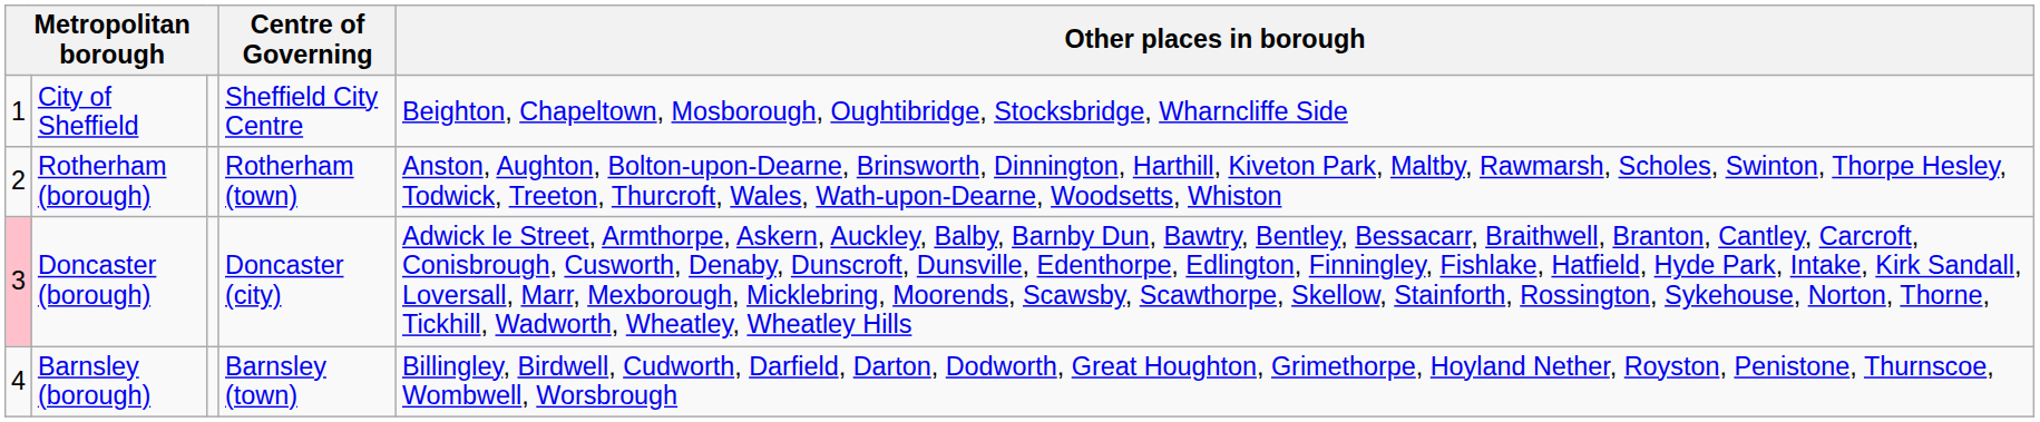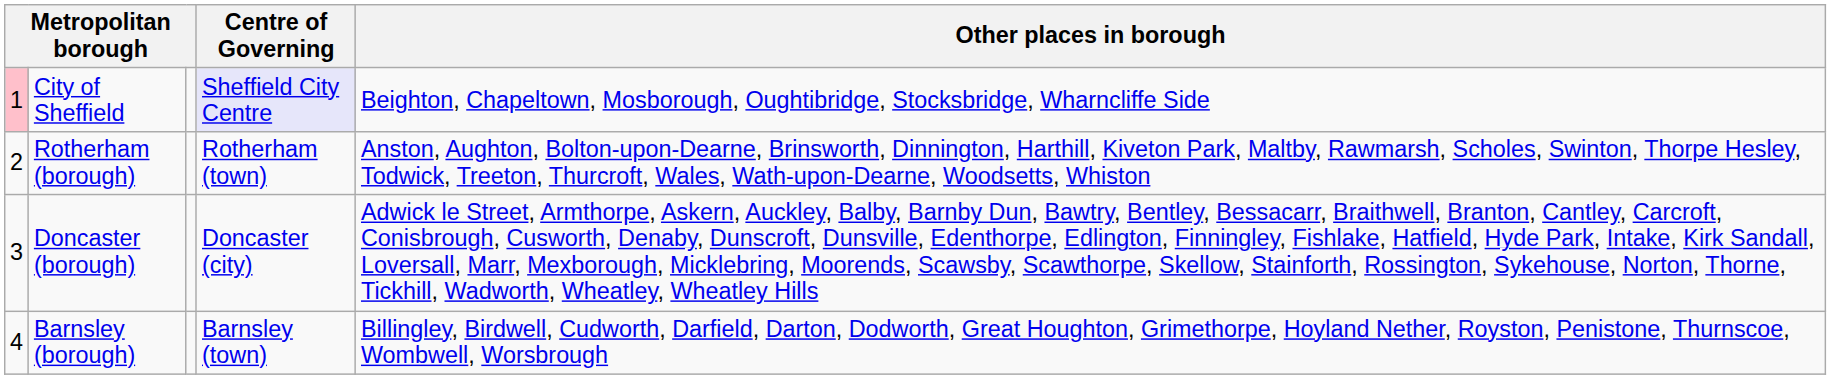 <table class="wikitable">
 <tr>
 <th colspan="3">Metropolitan borough</th>
 <th>Centre of Governing</th>
 <th>Other places in borough</th>
 </tr>
 <tr>
-<td>1</td>
+<td style="background: pink;">1</td>
 <td><a href='#'>City of Sheffield</a></td>
 <td></td>
-<td><a href='#'>Sheffield City Centre</a></td>
+<td style="background: lavender;"><a href='#'>Sheffield City Centre</a></td>
 <td><a href='#'>Beighton</a>, <a href='#'>Chapeltown</a>, <a href='#'>Mosborough</a>, <a href='#'>Oughtibridge</a>, <a href='#'>Stocksbridge</a>, <a href='#'>Wharncliffe Side</a></td>
 </tr>
 <tr>
 <td>2</td>
 <td><a href='#'>Rotherham (borough)</a></td>
 <td></td>
 <td><a href='#'>Rotherham (town)</a></td>
 <td><a href='#'>Anston</a>, <a href='#'>Aughton</a>, <a href='#'>Bolton-upon-Dearne</a>, <a href='#'>Brinsworth</a>, <a href='#'>Dinnington</a>, <a href='#'>Harthill</a>, <a href='#'>Kiveton Park</a>, <a href='#'>Maltby</a>, <a href='#'>Rawmarsh</a>, <a href='#'>Scholes</a>, <a href='#'>Swinton</a>, <a href='#'>Thorpe Hesley</a>, <a href='#'>Todwick</a>, <a href='#'>Treeton</a>, <a href='#'>Thurcroft</a>, <a href='#'>Wales</a>, <a href='#'>Wath-upon-Dearne</a>, <a href='#'>Woodsetts</a>, <a href='#'>Whiston</a></td>
 </tr>
 <tr>
-<td style="background: pink;">3</td>
+<td>3</td>
 <td><a href='#'>Doncaster (borough)</a></td>
 <td></td>
 <td><a href='#'>Doncaster (city)</a></td>
 <td><a href='#'>Adwick le Street</a>, <a href='#'>Armthorpe</a>, <a href='#'>Askern</a>, <a href='#'>Auckley</a>, <a href='#'>Balby</a>, <a href='#'>Barnby Dun</a>, <a href='#'>Bawtry</a>, <a href='#'>Bentley</a>, <a href='#'>Bessacarr</a>, <a href='#'>Braithwell</a>, <a href='#'>Branton</a>, <a href='#'>Cantley</a>, <a href='#'>Carcroft</a>, <a href='#'>Conisbrough</a>, <a href='#'>Cusworth</a>, <a href='#'>Denaby</a>, <a href='#'>Dunscroft</a>, <a href='#'>Dunsville</a>, <a href='#'>Edenthorpe</a>, <a href='#'>Edlington</a>, <a href='#'>Finningley</a>, <a href='#'>Fishlake</a>, <a href='#'>Hatfield</a>, <a href='#'>Hyde Park</a>, <a href='#'>Intake</a>, <a href='#'>Kirk Sandall</a>, <a href='#'>Loversall</a>, <a href='#'>Marr</a>, <a href='#'>Mexborough</a>, <a href='#'>Micklebring</a>, <a href='#'>Moorends</a>, <a href='#'>Scawsby</a>, <a href='#'>Scawthorpe</a>, <a href='#'>Skellow</a>, <a href='#'>Stainforth</a>, <a href='#'>Rossington</a>, <a href='#'>Sykehouse</a>, <a href='#'>Norton</a>, <a href='#'>Thorne</a>, <a href='#'>Tickhill</a>, <a href='#'>Wadworth</a>, <a href='#'>Wheatley</a>, <a href='#'>Wheatley Hills</a></td>
 </tr>
 <tr>
 <td>4</td>
 <td><a href='#'>Barnsley (borough)</a></td>
 <td></td>
 <td><a href='#'>Barnsley (town)</a></td>
 <td><a href='#'>Billingley</a>, <a href='#'>Birdwell</a>, <a href='#'>Cudworth</a>, <a href='#'>Darfield</a>, <a href='#'>Darton</a>, <a href='#'>Dodworth</a>, <a href='#'>Great Houghton</a>, <a href='#'>Grimethorpe</a>, <a href='#'>Hoyland Nether</a>, <a href='#'>Royston</a>, <a href='#'>Penistone</a>, <a href='#'>Thurnscoe</a>, <a href='#'>Wombwell</a>, <a href='#'>Worsbrough</a></td>
 </tr>
 </table>
